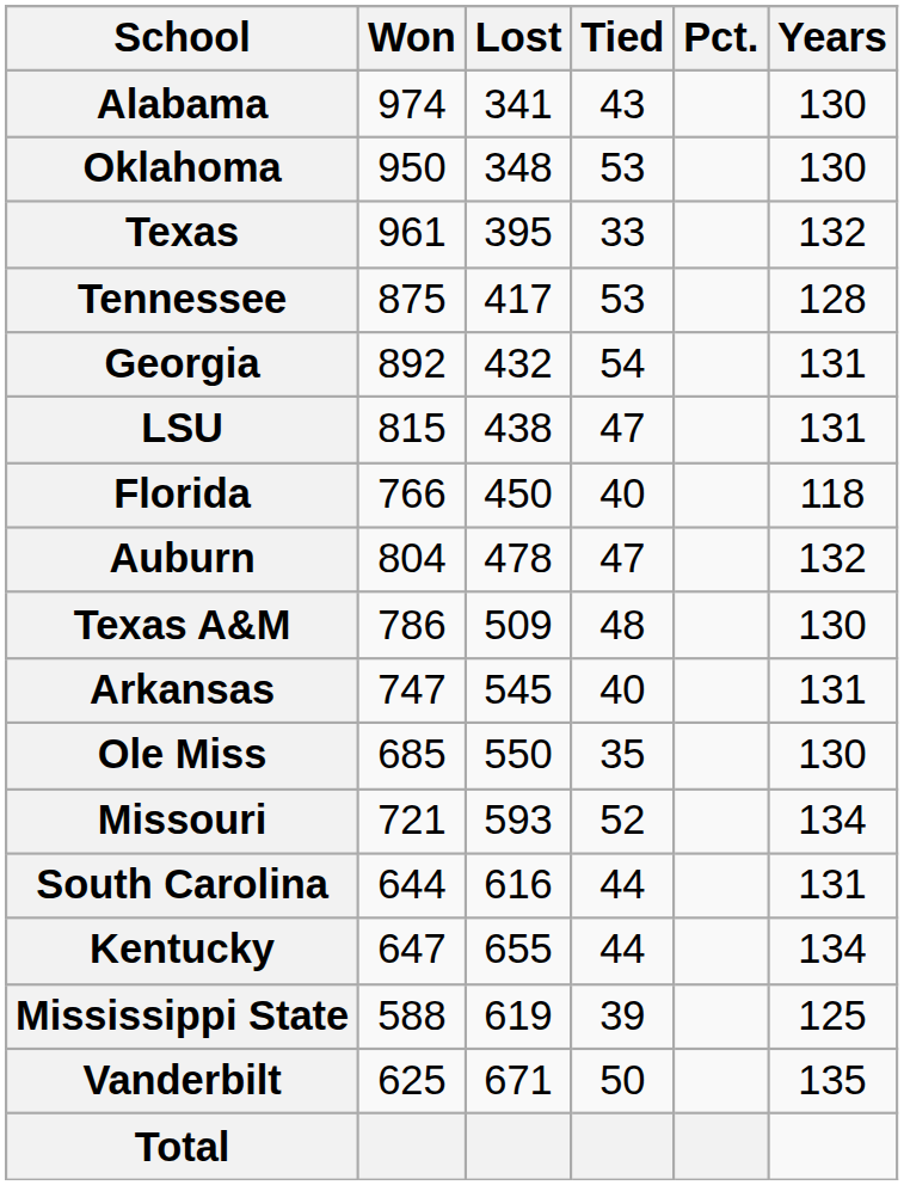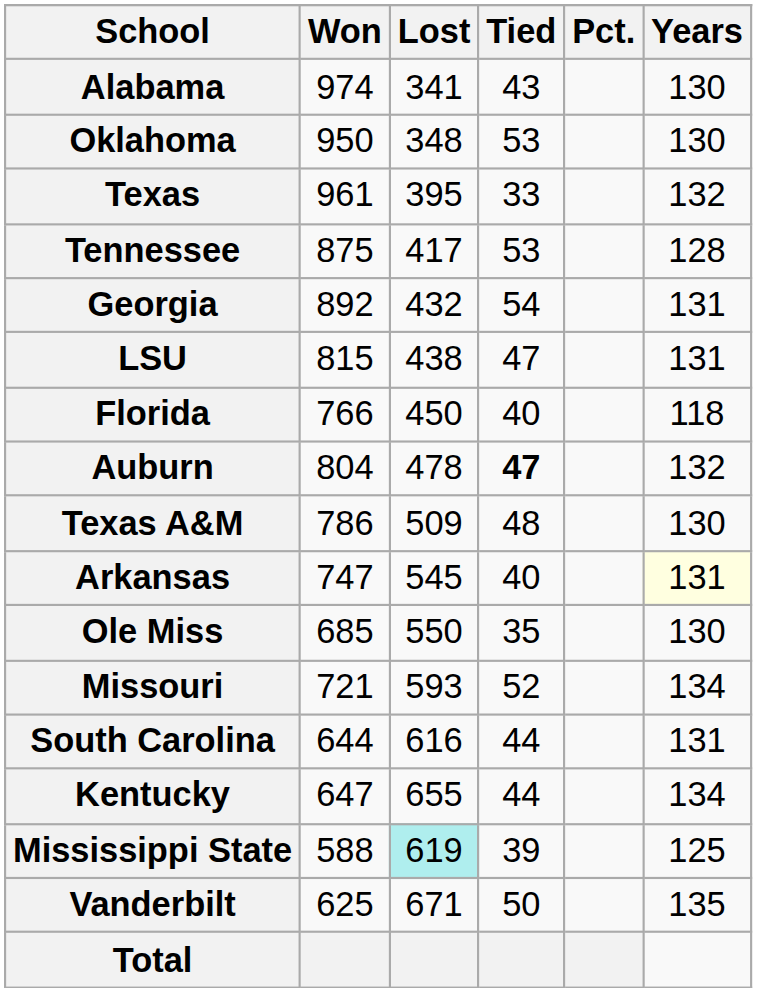 <table class="wikitable sortable plainrowheaders" style="text-align:center;">
 <tr>
 </tr>
 <tr>
 <th scope="col">School</th>
 <th scope="col">Won</th>
 <th scope="col">Lost</th>
 <th scope="col">Tied</th>
 <th scope="col">Pct.</th>
 <th scope="col">Years</th>
 </tr>
 <tr>
 <th scope="row">Alabama</th>
 <td>974</td>
 <td>341</td>
 <td>43</td>
 <td></td>
 <td>130</td>
 </tr>
 <tr>
 <th scope="row">Oklahoma</th>
 <td>950</td>
 <td>348</td>
 <td>53</td>
 <td></td>
 <td>130</td>
 </tr>
 <tr>
 <th scope="row">Texas</th>
 <td>961</td>
 <td>395</td>
 <td>33</td>
 <td></td>
 <td>132</td>
 </tr>
 <tr>
 <th scope="row">Tennessee</th>
 <td>875</td>
 <td>417</td>
 <td>53</td>
 <td></td>
 <td>128</td>
 </tr>
 <tr>
 <th scope="row">Georgia</th>
 <td>892</td>
 <td>432</td>
 <td>54</td>
 <td></td>
 <td>131</td>
 </tr>
 <tr>
 <th scope="row">LSU</th>
 <td>815</td>
 <td>438</td>
 <td>47</td>
 <td></td>
 <td>131</td>
 </tr>
 <tr>
 <th scope="row">Florida</th>
 <td>766</td>
 <td>450</td>
 <td>40</td>
 <td></td>
 <td>118</td>
 </tr>
 <tr>
 <th scope="row">Auburn</th>
 <td>804</td>
 <td>478</td>
-<td>47</td>
+<td><strong>47</strong></td>
 <td></td>
 <td>132</td>
 </tr>
 <tr>
 <th scope="row">Texas A&M</th>
 <td>786</td>
 <td>509</td>
 <td>48</td>
 <td></td>
 <td>130</td>
 </tr>
 <tr>
 <th scope="row">Arkansas</th>
 <td>747</td>
 <td>545</td>
 <td>40</td>
 <td></td>
-<td>131</td>
+<td style="background: lightyellow;">131</td>
 </tr>
 <tr>
 <th scope="row">Ole Miss</th>
 <td>685</td>
 <td>550</td>
 <td>35</td>
 <td></td>
 <td>130</td>
 </tr>
 <tr>
 <th scope="row">Missouri</th>
 <td>721</td>
 <td>593</td>
 <td>52</td>
 <td></td>
 <td>134</td>
 </tr>
 <tr>
 <th scope="row">South Carolina</th>
 <td>644</td>
 <td>616</td>
 <td>44</td>
 <td></td>
 <td>131</td>
 </tr>
 <tr>
 <th scope="row">Kentucky</th>
 <td>647</td>
 <td>655</td>
 <td>44</td>
 <td></td>
 <td>134</td>
 </tr>
 <tr>
 <th scope="row">Mississippi State</th>
 <td>588</td>
-<td>619</td>
+<td style="background: paleturquoise;">619</td>
 <td>39</td>
 <td></td>
 <td>125</td>
 </tr>
 <tr>
 <th scope="row">Vanderbilt</th>
 <td>625</td>
 <td>671</td>
 <td>50</td>
 <td></td>
 <td>135</td>
 </tr>
 <tr>
 <th scope="row" style="font-weight: bold;">Total</th>
 <th scope="col"></th>
 <th scope="col"></th>
 <th scope="col"></th>
 <th scope="col"></th>
 </tr>
 </table>
